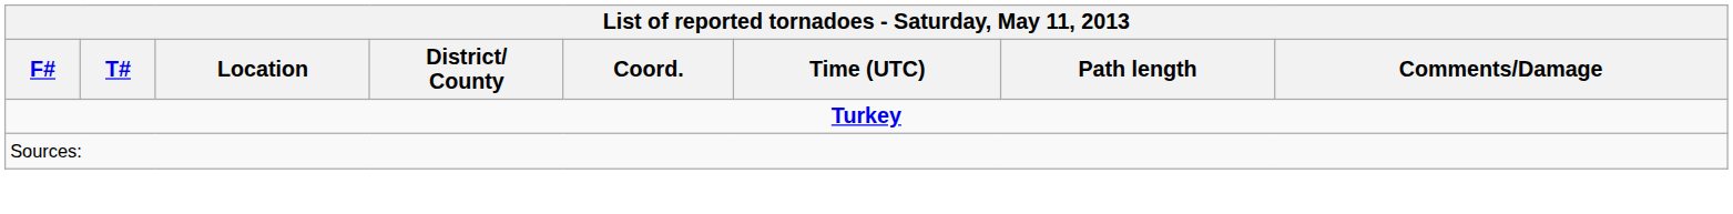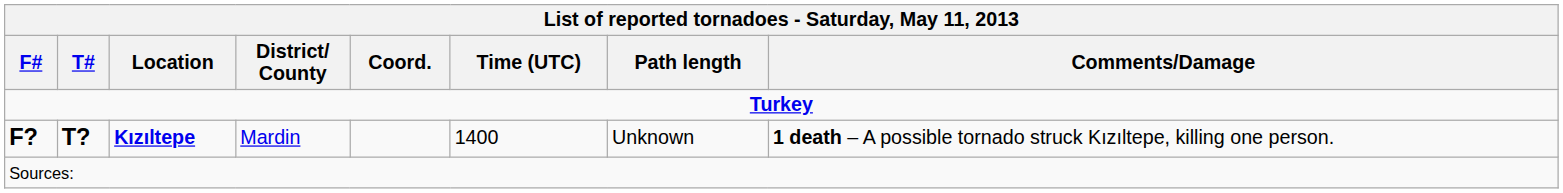 <table class="wikitable collapsible" width="100%">
 <tr>
 <th colspan="8">List of reported tornadoes - Saturday, May 11, 2013</th>
 </tr>
 <tr>
 <th><a href='#'>F#</a></th>
 <th><a href='#'>T#</a></th>
 <th>Location</th>
 <th>District/<br>County</th>
 <th>Coord.</th>
 <th>Time (UTC)</th>
 <th>Path length</th>
 <th>Comments/Damage</th>
 </tr>
 <tr>
 <td colspan="8" align=center><strong><a href='#'>Turkey</a></strong></td>
 </tr>
 <tr>
+<td><big><strong>F?</strong></big></td>
+<td><big><strong>T?</strong></big></td>
+<td><strong><a href='#'>Kızıltepe</a></strong></td>
+<td><a href='#'>Mardin</a></td>
+<td></td>
+<td>1400</td>
+<td>Unknown</td>
+<td><strong>1 death</strong> – A possible tornado struck Kızıltepe, killing one person.</td>
+</tr>
+<tr>
 <td colspan="8"><small>Sources:  </small></td>
 </tr>
 </table>
